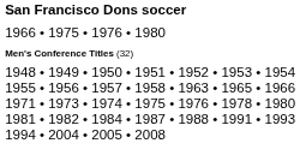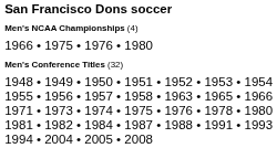 <table class="toccolours" style="margin:1em auto;" cellpadding="4" cellspacing="0">
 <tr>
 <td><strong>San Francisco Dons soccer</strong></td>
+</tr>
+<tr>
+<td style="font-size:11px; text-align:left;"><strong>Men's NCAA Championships</strong> (4)</td>
+<td style="text-align:center;"></td>
 </tr>
 <tr>
 <td>1966 • 1975 • 1976 • 1980</td>
 </tr>
 <tr>
 <td style="font-size:11px; text-align:left;"><strong>Men's Conference Titles</strong> (32)</td>
 <td style="text-align:center;"></td>
 </tr>
 <tr>
 <td>1948 • 1949 • 1950 • 1951 • 1952 • 1953 • 1954<br>1955 • 1956 • 1957 • 1958 • 1963 • 1965 • 1966<br>1971 • 1973 • 1974 • 1975 • 1976 • 1978 • 1980<br>1981 • 1982 • 1984 • 1987 • 1988 • 1991 • 1993<br>1994 • 2004 • 2005 • 2008</td>
 </tr>
 </table>
